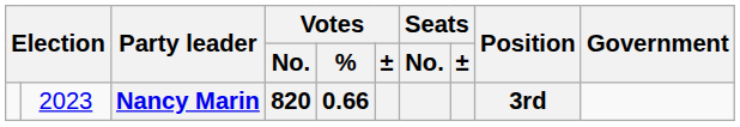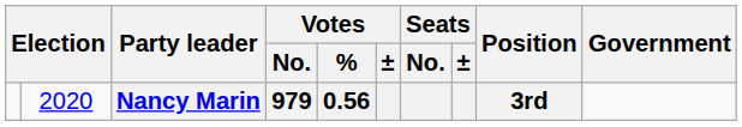 <table class="wikitable" style="text-align:center">
 <tr>
 <th colspan="2" rowspan="2"><strong>Election</strong></th>
 <th rowspan="2"><strong>Party leader</strong></th>
 <th colspan="3">Votes</th>
 <th colspan="2">Seats</th>
 <th rowspan="2"><strong>Position</strong></th>
 <th rowspan="2">Government</th>
 </tr>
 <tr>
 <th>No.</th>
 <th><strong>%</strong></th>
 <th>±</th>
 <th><strong>No.</strong></th>
 <th>±</th>
 </tr>
 <tr>
 <td></td>
-<td><a href='#'>2023</a></td>
+<td><a href='#'>2020</a></td>
 <th><a href='#'>Nancy Marin</a></th>
-<th>820</th>
-<th>0.66</th>
+<th>979</th>
+<th>0.56</th>
 <th></th>
 <th></th>
 <th></th>
 <th>3rd</th>
 <td></td>
 </tr>
 </table>
